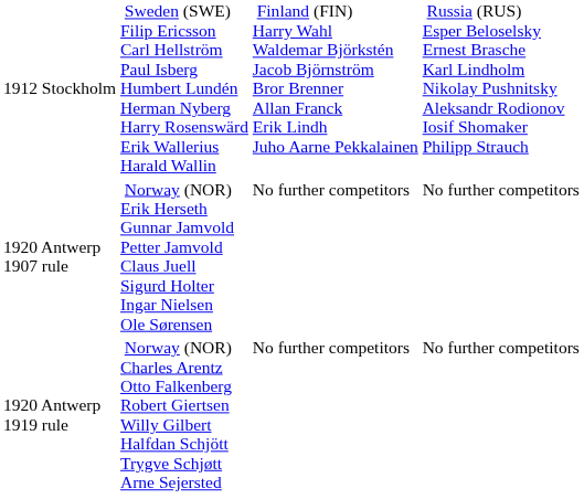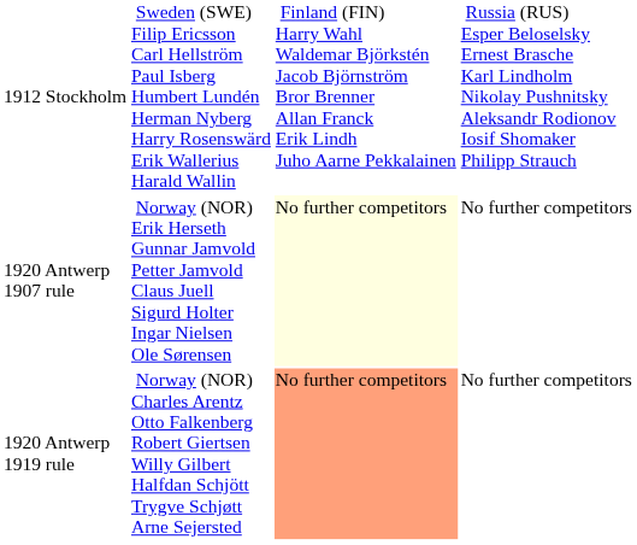 <table>
 <tr>
 <td style="align:center;">1912 Stockholm <br></td>
 <td style="vertical-align:top;"> <a href='#'>Sweden</a> <span>(SWE)</span><br><a href='#'>Filip Ericsson</a><br><a href='#'>Carl Hellström</a><br><a href='#'>Paul Isberg</a><br><a href='#'>Humbert Lundén</a><br><a href='#'>Herman Nyberg</a><br><a href='#'>Harry Rosenswärd</a><br><a href='#'>Erik Wallerius</a><br><a href='#'>Harald Wallin</a></td>
 <td style="vertical-align:top;"> <a href='#'>Finland</a> <span>(FIN)</span><br><a href='#'>Harry Wahl</a><br><a href='#'>Waldemar Björkstén</a><br><a href='#'>Jacob Björnström</a><br><a href='#'>Bror Brenner</a><br><a href='#'>Allan Franck</a><br><a href='#'>Erik Lindh</a><br><a href='#'>Juho Aarne Pekkalainen</a></td>
 <td style="vertical-align:top;"> <a href='#'>Russia</a> <span>(RUS)</span><br><a href='#'>Esper Beloselsky</a><br><a href='#'>Ernest Brasche</a><br><a href='#'>Karl Lindholm</a><br><a href='#'>Nikolay Pushnitsky</a><br><a href='#'>Aleksandr Rodionov</a><br><a href='#'>Iosif Shomaker</a><br><a href='#'>Philipp Strauch</a></td>
 </tr>
 <tr>
 <td style="align:center;">1920 Antwerp <br>1907 rule<br></td>
 <td style="vertical-align:top;"> <a href='#'>Norway</a> <span>(NOR)</span><br><a href='#'>Erik Herseth</a><br><a href='#'>Gunnar Jamvold</a><br><a href='#'>Petter Jamvold</a><br><a href='#'>Claus Juell</a><br><a href='#'>Sigurd Holter</a><br><a href='#'>Ingar Nielsen</a><br><a href='#'>Ole Sørensen</a></td>
-<td style="vertical-align:top;">No further competitors</td>
+<td style="background: lightyellow; vertical-align:top;">No further competitors</td>
 <td style="vertical-align:top;">No further competitors</td>
 </tr>
 <tr>
 <td style="align:center;">1920 Antwerp <br>1919 rule<br></td>
 <td style="vertical-align:top;"> <a href='#'>Norway</a> <span>(NOR)</span><br><a href='#'>Charles Arentz</a><br><a href='#'>Otto Falkenberg</a><br><a href='#'>Robert Giertsen</a><br><a href='#'>Willy Gilbert</a><br><a href='#'>Halfdan Schjött</a><br><a href='#'>Trygve Schjøtt</a><br><a href='#'>Arne Sejersted</a></td>
-<td style="vertical-align:top;">No further competitors</td>
+<td style="background: lightsalmon; vertical-align:top;">No further competitors</td>
 <td style="vertical-align:top;">No further competitors</td>
 </tr>
 </table>
